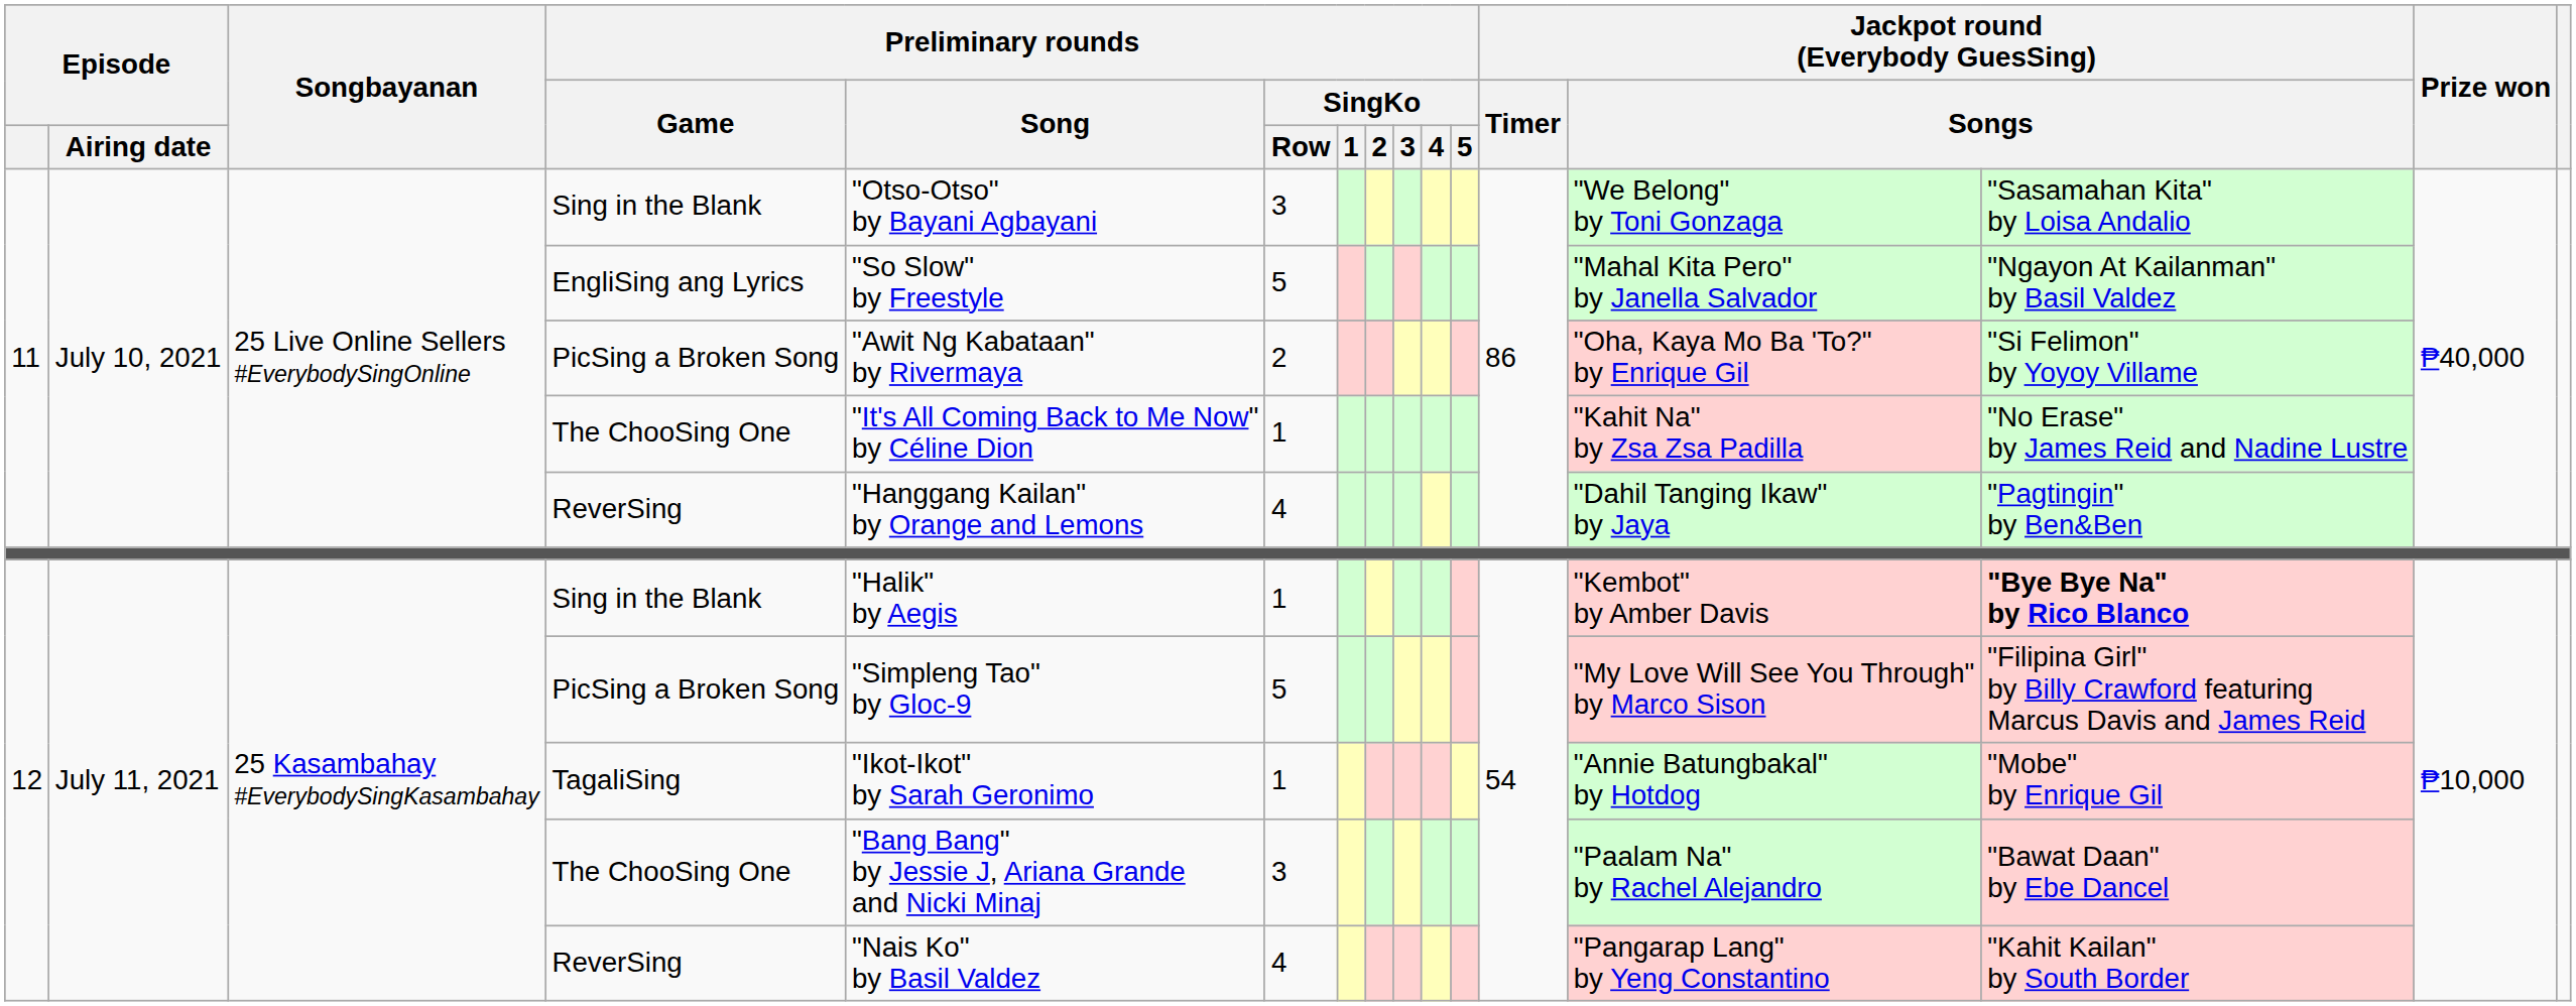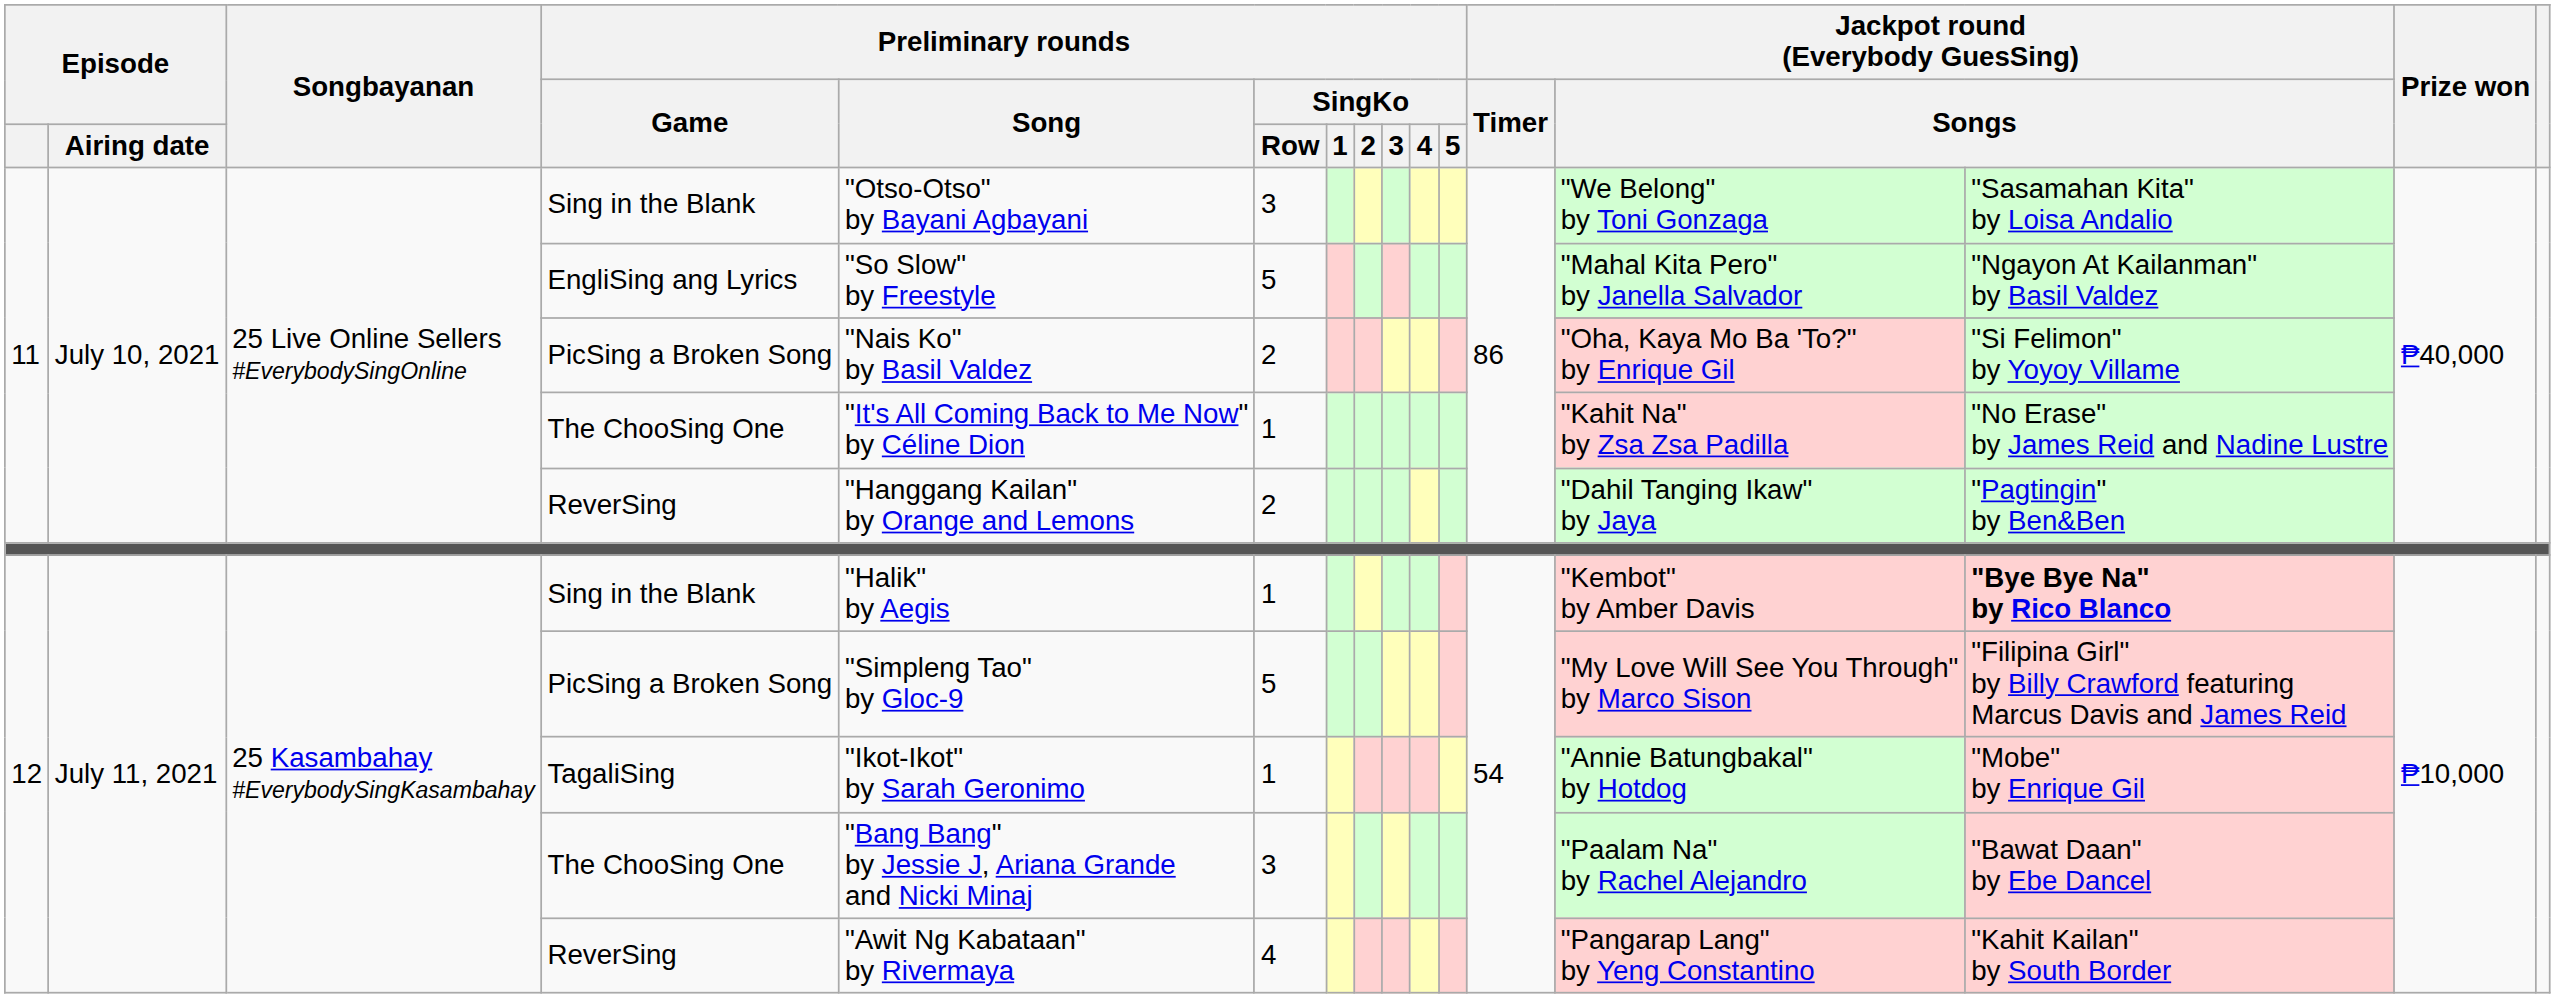 <table class="wikitable plainrowheaders mw-collapsible ">
 <tr>
 <th colspan="2" rowspan="2">Episode</th>
 <th rowspan="3">Songbayanan</th>
 <th colspan="8">Preliminary rounds</th>
 <th colspan="3">Jackpot round<br>(Everybody GuesSing)</th>
 <th rowspan="3">Prize won</th>
 <th rowspan="3"></th>
 </tr>
 <tr>
 <th rowspan="2">Game</th>
 <th rowspan="2">Song</th>
 <th colspan="6">SingKo</th>
 <th rowspan="2">Timer</th>
 <th colspan="2" rowspan="2">Songs</th>
 </tr>
 <tr>
 <th></th>
 <th>Airing date</th>
 <th>Row</th>
 <th>1</th>
 <th>2</th>
 <th>3</th>
 <th>4</th>
 <th>5</th>
 </tr>
 <tr>
 <td rowspan="5">11</td>
 <td rowspan="5">July 10, 2021</td>
 <td rowspan="5">25 Live Online Sellers<br><em><small>#EverybodySingOnline</small></em></td>
 <td>Sing in the Blank</td>
 <td>"Otso-Otso"<br>by <a href='#'>Bayani Agbayani</a></td>
 <td>3</td>
 <td style="background:#D2FFD2"></td>
 <td style="background:#FFB"></td>
 <td style="background:#D2FFD2"></td>
 <td style="background:#FFB"></td>
 <td style="background:#FFB"></td>
 <td rowspan="5">86 </td>
 <td style="background:#D2FFD2">"We Belong"<br>by <a href='#'>Toni Gonzaga</a></td>
 <td style="background:#D2FFD2">"Sasamahan Kita"<br>by <a href='#'>Loisa Andalio</a></td>
 <td rowspan="5"><a href='#'>₱</a>40,000</td>
 <td rowspan="5"><br></td>
 </tr>
 <tr>
 <td>EngliSing ang Lyrics</td>
 <td>"So Slow"<br>by <a href='#'>Freestyle</a></td>
 <td>5</td>
 <td style="background:#FFD2D2"></td>
 <td style="background:#D2FFD2"></td>
 <td style="background:#FFD2D2"></td>
 <td style="background:#D2FFD2"></td>
 <td style="background:#D2FFD2"></td>
 <td style="background:#D2FFD2">"Mahal Kita Pero"<br>by <a href='#'>Janella Salvador</a></td>
 <td style="background:#D2FFD2">"Ngayon At Kailanman"<br>by <a href='#'>Basil Valdez</a></td>
 </tr>
 <tr>
 <td>PicSing a Broken Song</td>
-<td>"Awit Ng Kabataan"<br>by <a href='#'>Rivermaya</a></td>
+<td>"Nais Ko"<br>by <a href='#'>Basil Valdez</a></td>
 <td>2</td>
 <td style="background:#FFD2D2"></td>
 <td style="background:#FFD2D2"></td>
 <td style="background:#FFB"></td>
 <td style="background:#FFB"></td>
 <td style="background:#FFD2D2"></td>
 <td style="background:#FFD2D2">"Oha, Kaya Mo Ba 'To?"<br>by <a href='#'>Enrique Gil</a></td>
 <td style="background:#D2FFD2">"Si Felimon"<br>by <a href='#'>Yoyoy Villame</a></td>
 </tr>
 <tr>
 <td>The ChooSing One</td>
 <td>"<a href='#'>It's All Coming Back to Me Now</a>"<br>by <a href='#'>Céline Dion</a></td>
 <td>1</td>
 <td style="background:#D2FFD2"></td>
 <td style="background:#D2FFD2"></td>
 <td style="background:#D2FFD2"></td>
 <td style="background:#D2FFD2"></td>
 <td style="background:#D2FFD2"></td>
 <td style="background:#FFD2D2">"Kahit Na"<br>by <a href='#'>Zsa Zsa Padilla</a></td>
 <td style="background:#D2FFD2">"No Erase"<br>by <a href='#'>James Reid</a> and <a href='#'>Nadine Lustre</a></td>
 </tr>
 <tr>
 <td>ReverSing</td>
 <td>"Hanggang Kailan"<br>by <a href='#'>Orange and Lemons</a></td>
-<td>4</td>
+<td>2</td>
 <td style="background:#D2FFD2"></td>
 <td style="background:#D2FFD2"></td>
 <td style="background:#D2FFD2"></td>
 <td style="background:#FFB"></td>
 <td style="background:#D2FFD2"></td>
 <td style="background:#D2FFD2">"Dahil Tanging Ikaw"<br>by <a href='#'>Jaya</a></td>
 <td style="background:#D2FFD2">"<a href='#'>Pagtingin</a>"<br>by <a href='#'>Ben&Ben</a></td>
 </tr>
 <tr>
 <th colspan="16" style="background:#555"></th>
 </tr>
 <tr>
 <td rowspan="5">12</td>
 <td rowspan="5">July 11, 2021</td>
 <td rowspan="5">25 <a href='#'>Kasambahay</a><br><em><small>#EverybodySingKasambahay</small></em></td>
 <td>Sing in the Blank</td>
 <td>"Halik"<br>by <a href='#'>Aegis</a></td>
 <td>1</td>
 <td style="background:#D2FFD2"></td>
 <td style="background:#FFB"></td>
 <td style="background:#D2FFD2"></td>
 <td style="background:#D2FFD2"></td>
 <td style="background:#FFD2D2"></td>
 <td rowspan="5">54 </td>
 <td style="background:#FFD2D2">"Kembot"<br>by Amber Davis</td>
 <td style="background:#FFD2D2"><strong>"Bye Bye Na"<br>by <a href='#'>Rico Blanco</a></strong></td>
 <td rowspan="5"><a href='#'>₱</a>10,000</td>
 <td rowspan="5"><br></td>
 </tr>
 <tr>
 <td>PicSing a Broken Song</td>
 <td>"Simpleng Tao"<br>by <a href='#'>Gloc-9</a></td>
 <td>5</td>
 <td style="background:#D2FFD2"></td>
 <td style="background:#D2FFD2"></td>
 <td style="background:#FFB"></td>
 <td style="background:#FFB"></td>
 <td style="background:#FFD2D2"></td>
 <td style="background:#FFD2D2">"My Love Will See You Through"<br>by <a href='#'>Marco Sison</a></td>
 <td style="background:#FFD2D2">"Filipina Girl"<br>by <a href='#'>Billy Crawford</a> featuring<br>Marcus Davis and <a href='#'>James Reid</a></td>
 </tr>
 <tr>
 <td>TagaliSing</td>
 <td>"Ikot-Ikot"<br>by <a href='#'>Sarah Geronimo</a></td>
 <td>1</td>
 <td style="background:#FFB"></td>
 <td style="background:#FFD2D2"></td>
 <td style="background:#FFD2D2"></td>
 <td style="background:#FFD2D2"></td>
 <td style="background:#FFB"></td>
 <td style="background:#D2FFD2">"Annie Batungbakal"<br>by <a href='#'>Hotdog</a></td>
 <td style="background:#FFD2D2">"Mobe"<br>by <a href='#'>Enrique Gil</a></td>
 </tr>
 <tr>
 <td>The ChooSing One</td>
 <td>"<a href='#'>Bang Bang</a>"<br>by <a href='#'>Jessie J</a>, <a href='#'>Ariana Grande</a><br>and <a href='#'>Nicki Minaj</a></td>
 <td>3</td>
 <td style="background:#FFB"></td>
 <td style="background:#D2FFD2"></td>
 <td style="background:#FFB"></td>
 <td style="background:#D2FFD2"></td>
 <td style="background:#D2FFD2"></td>
 <td style="background:#D2FFD2">"Paalam Na"<br>by <a href='#'>Rachel Alejandro</a></td>
 <td style="background:#FFD2D2">"Bawat Daan"<br>by <a href='#'>Ebe Dancel</a></td>
 </tr>
 <tr>
 <td>ReverSing</td>
-<td>"Nais Ko"<br>by <a href='#'>Basil Valdez</a></td>
+<td>"Awit Ng Kabataan"<br>by <a href='#'>Rivermaya</a></td>
 <td>4</td>
 <td style="background:#FFB"></td>
 <td style="background:#FFD2D2"></td>
 <td style="background:#FFD2D2"></td>
 <td style="background:#FFB"></td>
 <td style="background:#FFD2D2"></td>
 <td style="background:#FFD2D2">"Pangarap Lang"<br>by <a href='#'>Yeng Constantino</a></td>
 <td style="background:#FFD2D2">"Kahit Kailan"<br>by <a href='#'>South Border</a></td>
 </tr>
 </table>
